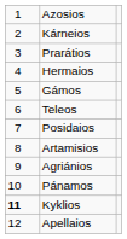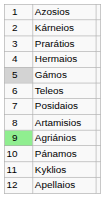 <table class="wikitable">
 <tr>
 <td>  1</td>
 <td>Azosios</td>
 <td></td>
 </tr>
 <tr>
 <td>  2</td>
 <td>Kárneios</td>
 <td></td>
 </tr>
 <tr>
 <td>  3</td>
 <td>Prarátios</td>
 <td></td>
 </tr>
 <tr>
 <td>  4</td>
 <td>Hermaios</td>
 <td></td>
 </tr>
 <tr>
-<td>  5</td>
+<td style="background: lightgrey;">  5</td>
 <td>Gámos</td>
 <td></td>
 </tr>
 <tr>
 <td>  6</td>
 <td>Teleos</td>
 <td></td>
 </tr>
 <tr>
 <td>  7</td>
 <td>Posidaios</td>
 <td></td>
 </tr>
 <tr>
 <td>  8  </td>
 <td>Artamisios  </td>
 <td></td>
 </tr>
 <tr>
-<td>  9</td>
+<td style="background: lightgreen;">  9</td>
 <td>Agriánios</td>
 <td></td>
 </tr>
 <tr>
 <td>10</td>
 <td>Pánamos</td>
 <td></td>
 </tr>
 <tr>
-<td><strong>11</strong></td>
+<td>11</td>
 <td>Kyklios</td>
 <td></td>
 </tr>
 <tr>
 <td>12</td>
 <td>Apellaios</td>
 <td></td>
 </tr>
 </table>
